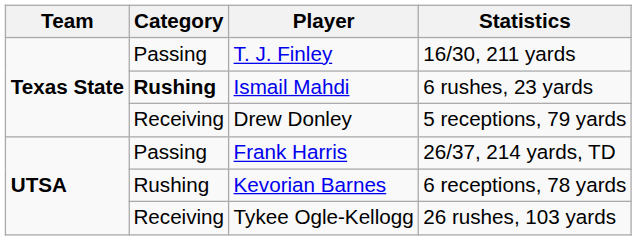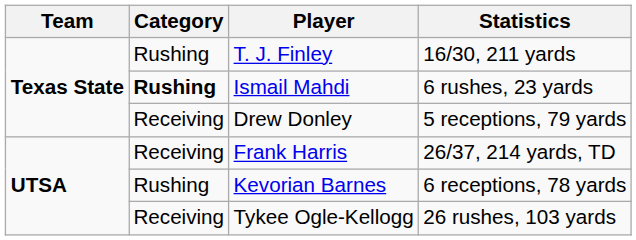 <table class="wikitable" style="float: right;">
 <tr>
 <th>Team</th>
 <th>Category</th>
 <th>Player</th>
 <th>Statistics</th>
 </tr>
 <tr>
 <td rowspan=3><strong>Texas State</strong></td>
-<td>Passing</td>
+<td>Rushing</td>
 <td><a href='#'>T. J. Finley</a></td>
 <td>16/30, 211 yards</td>
 </tr>
 <tr>
 <td><strong>Rushing</strong></td>
 <td><a href='#'>Ismail Mahdi</a></td>
 <td>6 rushes, 23 yards</td>
 </tr>
 <tr>
 <td>Receiving</td>
 <td>Drew Donley</td>
 <td>5 receptions, 79 yards</td>
 </tr>
 <tr>
 <td rowspan=3><strong>UTSA</strong></td>
-<td>Passing</td>
+<td>Receiving</td>
 <td><a href='#'>Frank Harris</a></td>
 <td>26/37, 214 yards, TD</td>
 </tr>
 <tr>
 <td>Rushing</td>
 <td><a href='#'>Kevorian Barnes</a></td>
 <td>6 receptions, 78 yards</td>
 </tr>
 <tr>
 <td>Receiving</td>
 <td>Tykee Ogle-Kellogg</td>
 <td>26 rushes, 103 yards</td>
 </tr>
 </table>
